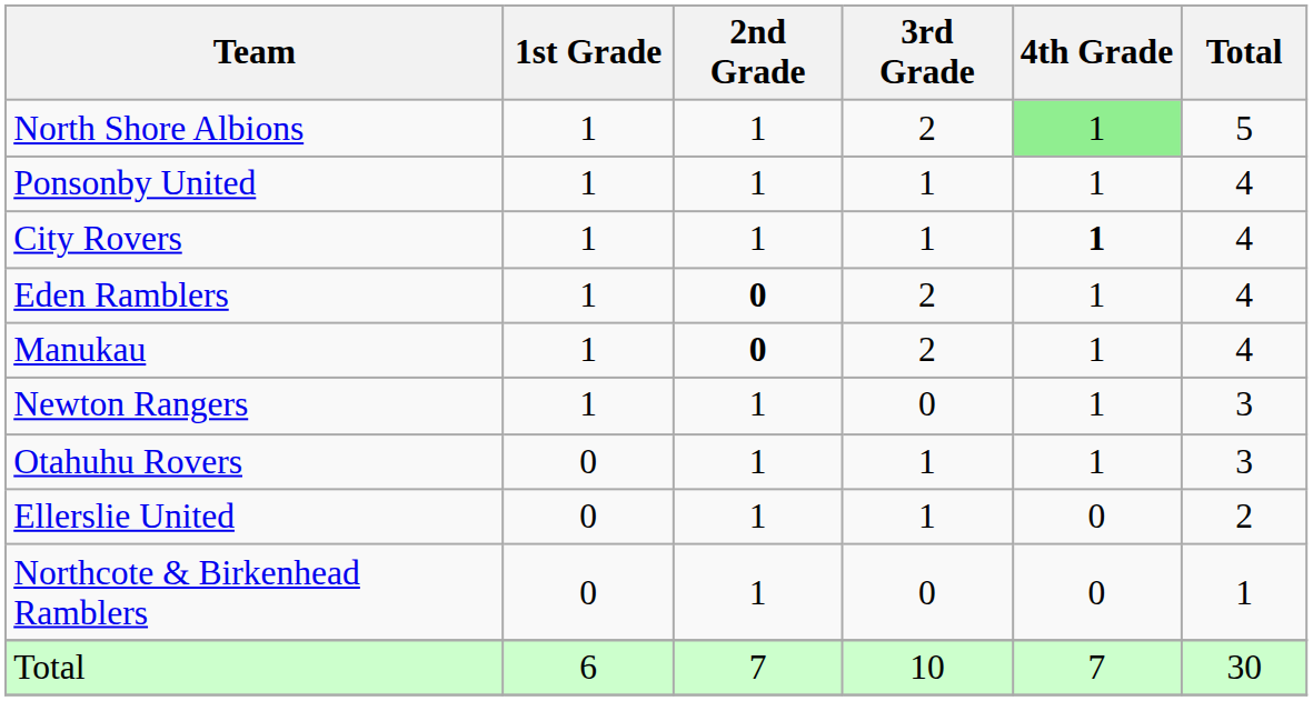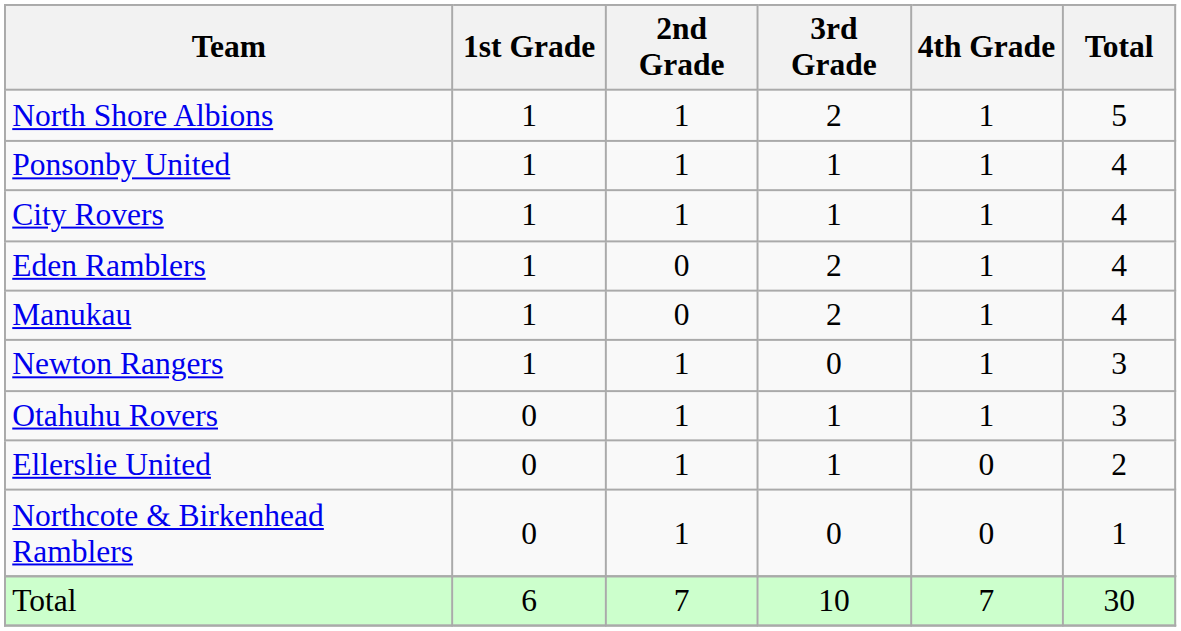 <table class="wikitable" style="text-align:center;">
 <tr>
 <th width=220>Team</th>
 <th width=70 abbr="1st Grade">1st Grade</th>
 <th width=70 abbr="2nd Grade">2nd Grade</th>
 <th width=70 abbr="3rd Grade">3rd Grade</th>
 <th width=70 abbr="4th Grade">4th Grade</th>
 <th width=50 abbr="Total">Total</th>
 </tr>
 <tr>
 <td style="text-align:left;"><a href='#'>North Shore Albions</a></td>
 <td>1</td>
 <td>1</td>
 <td>2</td>
-<td style="background: lightgreen;">1</td>
+<td>1</td>
 <td>5</td>
 </tr>
 <tr>
 <td style="text-align:left;"><a href='#'>Ponsonby United</a></td>
 <td>1</td>
 <td>1</td>
 <td>1</td>
 <td>1</td>
 <td>4</td>
 </tr>
 <tr>
 <td style="text-align:left;"><a href='#'>City Rovers</a></td>
 <td>1</td>
 <td>1</td>
 <td>1</td>
-<td><strong>1</strong></td>
+<td>1</td>
 <td>4</td>
 </tr>
 <tr>
 <td style="text-align:left;"><a href='#'>Eden Ramblers</a></td>
 <td>1</td>
-<td><strong>0</strong></td>
+<td>0</td>
 <td>2</td>
 <td>1</td>
 <td>4</td>
 </tr>
 <tr>
 <td style="text-align:left;"><a href='#'>Manukau</a></td>
 <td>1</td>
-<td><strong>0</strong></td>
+<td>0</td>
 <td>2</td>
 <td>1</td>
 <td>4</td>
 </tr>
 <tr>
 <td style="text-align:left;"><a href='#'>Newton Rangers</a></td>
 <td>1</td>
 <td>1</td>
 <td>0</td>
 <td>1</td>
 <td>3</td>
 </tr>
 <tr>
 <td style="text-align:left;"><a href='#'>Otahuhu Rovers</a></td>
 <td>0</td>
 <td>1</td>
 <td>1</td>
 <td>1</td>
 <td>3</td>
 </tr>
 <tr>
 <td style="text-align:left;"><a href='#'>Ellerslie United</a></td>
 <td>0</td>
 <td>1</td>
 <td>1</td>
 <td>0</td>
 <td>2</td>
 </tr>
 <tr>
 <td style="text-align:left;"><a href='#'>Northcote & Birkenhead Ramblers</a></td>
 <td>0</td>
 <td>1</td>
 <td>0</td>
 <td>0</td>
 <td>1</td>
 </tr>
 <tr>
 </tr>
 <tr style="background: #ccffcc;">
 <td style="text-align:left;">Total</td>
 <td>6</td>
 <td>7</td>
 <td>10</td>
 <td>7</td>
 <td>30</td>
 </tr>
 <tr>
 </tr>
 </table>
